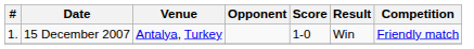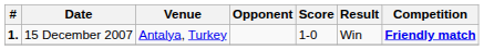 <table class="wikitable">
 <tr>
 <th>#</th>
 <th>Date</th>
 <th>Venue</th>
 <th>Opponent</th>
 <th>Score</th>
 <th>Result</th>
 <th>Competition</th>
 </tr>
 <tr>
-<td>1.</td>
+<td><strong>1.</strong></td>
 <td>15 December 2007</td>
 <td><a href='#'>Antalya</a>, <a href='#'>Turkey</a></td>
 <td></td>
 <td>1-0</td>
 <td>Win</td>
-<td><a href='#'>Friendly match</a></td>
+<td><strong><a href='#'>Friendly match</a></strong></td>
 </tr>
 <tr>
 </tr>
 </table>
